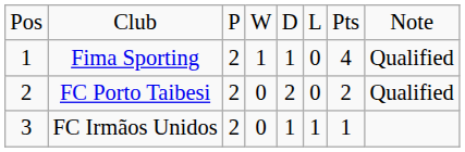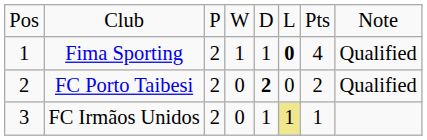 <table class="wikitable" style="text-align: center;">
 <tr>
 <td>Pos</td>
 <td>Club</td>
 <td>P</td>
 <td>W</td>
 <td>D</td>
 <td>L</td>
 <td>Pts</td>
 <td>Note</td>
 </tr>
 <tr>
 <td>1</td>
 <td><a href='#'>Fima Sporting</a></td>
 <td>2</td>
 <td>1</td>
 <td>1</td>
-<td>0</td>
+<td><strong>0</strong></td>
 <td>4</td>
 <td>Qualified</td>
 </tr>
 <tr>
 <td>2</td>
 <td><a href='#'>FC Porto Taibesi</a></td>
 <td>2</td>
 <td>0</td>
-<td>2</td>
+<td><strong>2</strong></td>
 <td>0</td>
 <td>2</td>
 <td>Qualified</td>
 </tr>
 <tr>
 <td>3</td>
 <td>FC Irmãos Unidos</td>
 <td>2</td>
 <td>0</td>
 <td>1</td>
-<td>1</td>
+<td style="background: khaki;">1</td>
 <td>1</td>
 <td></td>
 </tr>
 </table>
